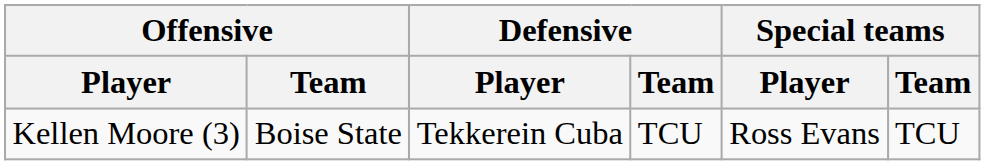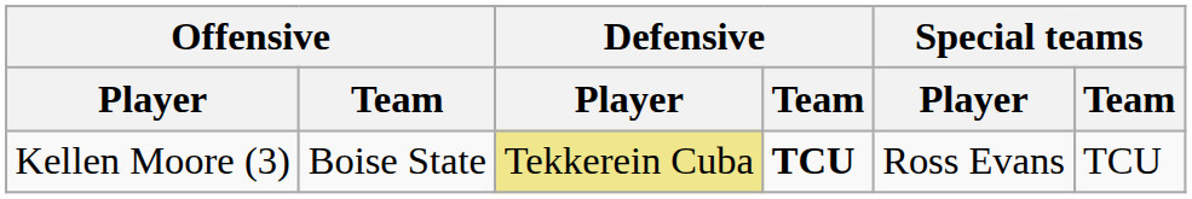 <table class="wikitable">
 <tr>
 <th colspan="2">Offensive</th>
 <th colspan="2">Defensive</th>
 <th colspan="2">Special teams</th>
 </tr>
 <tr>
 <th>Player</th>
 <th>Team</th>
 <th>Player</th>
 <th>Team</th>
 <th>Player</th>
 <th>Team</th>
 </tr>
 <tr>
 <td>Kellen Moore (3)</td>
 <td>Boise State</td>
-<td>Tekkerein Cuba</td>
-<td>TCU</td>
+<td style="background: khaki;">Tekkerein Cuba</td>
+<td><strong>TCU</strong></td>
 <td>Ross Evans</td>
 <td>TCU</td>
 </tr>
 </table>
